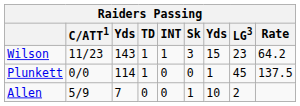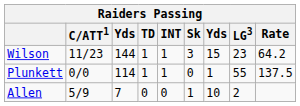 <table class="wikitable">
 <tr>
 <th colspan="9">Raiders Passing</th>
 </tr>
 <tr>
 <th></th>
 <th>C/ATT<sup>1</sup></th>
 <th>Yds</th>
 <th>TD</th>
 <th>INT</th>
 <th>Sk</th>
 <th>Yds</th>
 <th>LG<sup>3</sup></th>
 <th>Rate</th>
 </tr>
 <tr>
 <td><a href='#'>Wilson</a></td>
 <td>11/23</td>
-<td>143</td>
+<td>144</td>
 <td>1</td>
 <td>1</td>
 <td>3</td>
 <td>15</td>
 <td>23</td>
 <td>64.2</td>
 </tr>
 <tr>
 <td><a href='#'>Plunkett</a></td>
 <td>0/0</td>
 <td>114</td>
 <td>1</td>
-<td>0</td>
+<td>1</td>
 <td>0</td>
 <td>1</td>
-<td>45</td>
+<td>55</td>
 <td>137.5</td>
 </tr>
 <tr>
 <td><a href='#'>Allen</a></td>
 <td>5/9</td>
 <td>7</td>
 <td>0</td>
 <td>0</td>
 <td>1</td>
 <td>10</td>
 <td>2</td>
 <td></td>
 </tr>
 </table>
